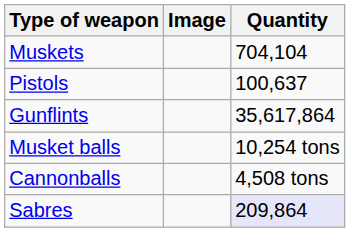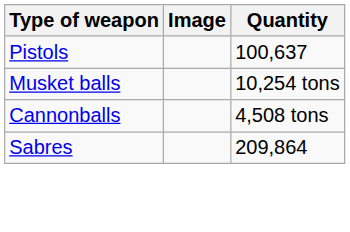 <table class="wikitable" style="display: inline-table;">
 <tr>
 <th>Type of weapon</th>
 <th>Image</th>
 <th>Quantity</th>
 </tr>
 <tr>
-<td><a href='#'>Muskets</a></td>
-<td></td>
-<td>704,104</td>
-</tr>
-<tr>
 <td><a href='#'>Pistols</a></td>
 <td></td>
 <td>100,637</td>
-</tr>
-<tr>
-<td><a href='#'>Gunflints</a></td>
-<td></td>
-<td>35,617,864</td>
 </tr>
 <tr>
 <td><a href='#'>Musket balls</a></td>
 <td></td>
 <td>10,254 tons</td>
 </tr>
 <tr>
 <td><a href='#'>Cannonballs</a></td>
 <td></td>
 <td>4,508 tons</td>
 </tr>
 <tr>
 <td><a href='#'>Sabres</a></td>
 <td></td>
-<td style="background: lavender;">209,864</td>
+<td>209,864</td>
 </tr>
 </table>
